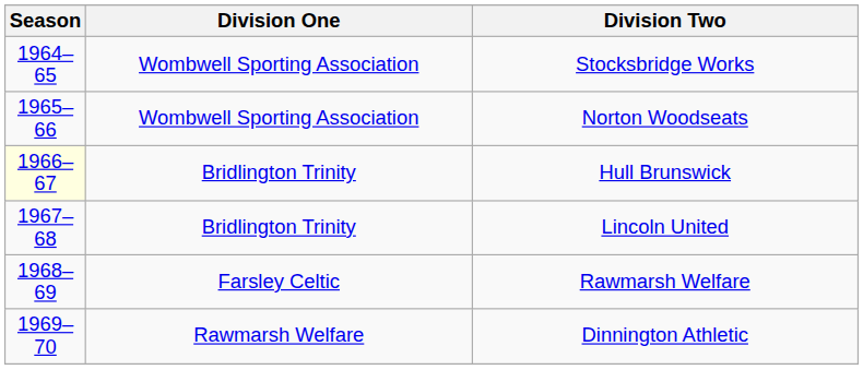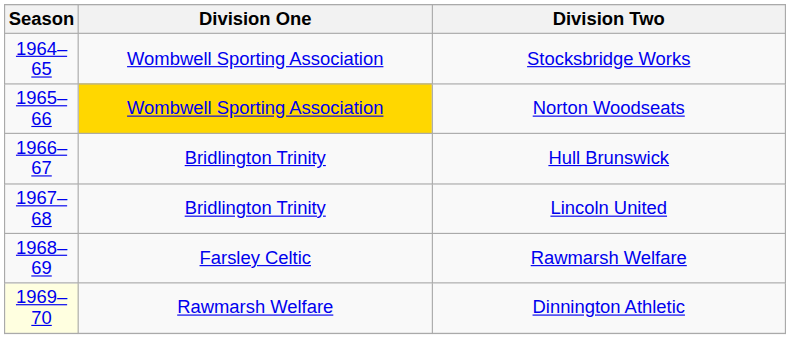 <table class="wikitable" style="text-align: center">
 <tr>
 </tr>
 <tr>
 <th width=50>Season</th>
 <th width=300>Division One</th>
 <th width=300>Division Two</th>
 </tr>
 <tr>
 <td><a href='#'>1964–65</a></td>
 <td><a href='#'>Wombwell Sporting Association</a></td>
 <td><a href='#'>Stocksbridge Works</a></td>
 </tr>
 <tr>
 <td><a href='#'>1965–66</a></td>
-<td><a href='#'>Wombwell Sporting Association</a></td>
+<td style="background: gold;"><a href='#'>Wombwell Sporting Association</a></td>
 <td><a href='#'>Norton Woodseats</a></td>
 </tr>
 <tr>
-<td style="background: lightyellow;"><a href='#'>1966–67</a></td>
+<td><a href='#'>1966–67</a></td>
 <td><a href='#'>Bridlington Trinity</a></td>
 <td><a href='#'>Hull Brunswick</a></td>
 </tr>
 <tr>
 <td><a href='#'>1967–68</a></td>
 <td><a href='#'>Bridlington Trinity</a></td>
 <td><a href='#'>Lincoln United</a></td>
 </tr>
 <tr>
 <td><a href='#'>1968–69</a></td>
 <td><a href='#'>Farsley Celtic</a></td>
 <td><a href='#'>Rawmarsh Welfare</a></td>
 </tr>
 <tr>
-<td><a href='#'>1969–70</a></td>
+<td style="background: lightyellow;"><a href='#'>1969–70</a></td>
 <td><a href='#'>Rawmarsh Welfare</a></td>
 <td><a href='#'>Dinnington Athletic</a></td>
 </tr>
 <tr>
 </tr>
 </table>
